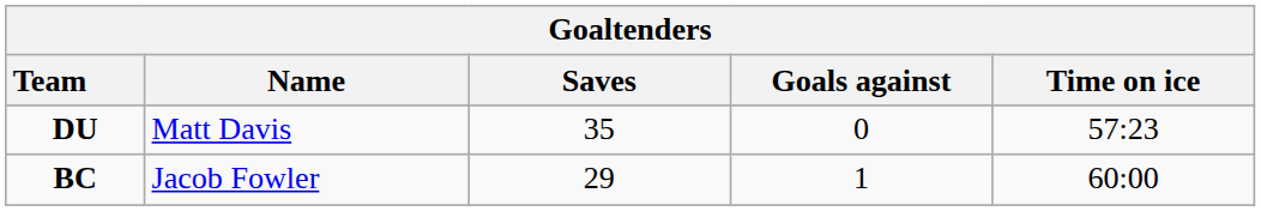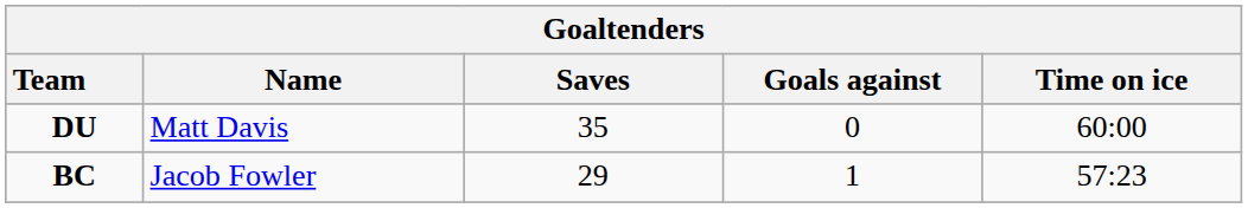 <table class="wikitable" style="width:40em; text-align:right;">
 <tr>
 <th colspan=5>Goaltenders</th>
 </tr>
 <tr>
 <th style="width:4em; text-align:left;">Team</th>
 <th style="width:10em;">Name</th>
 <th style="width:8em;">Saves</th>
 <th style="width:8em;">Goals against</th>
 <th style="width:8em;">Time on ice</th>
 </tr>
 <tr>
 <td align=center><strong>DU</strong></td>
 <td style="text-align:left;"><a href='#'>Matt Davis</a></td>
 <td align=center>35</td>
 <td align=center>0</td>
-<td align=center>57:23</td>
+<td align=center>60:00</td>
 </tr>
 <tr>
 <td align=center><strong>BC</strong></td>
 <td style="text-align:left;"><a href='#'>Jacob Fowler</a></td>
 <td align=center>29</td>
 <td align=center>1</td>
-<td align=center>60:00</td>
+<td align=center>57:23</td>
 </tr>
 </table>
